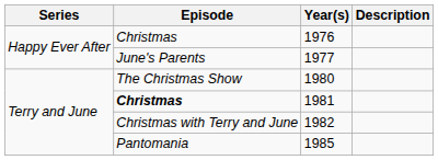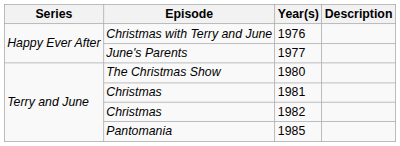 <table class="wikitable sortable">
 <tr>
 <th>Series</th>
 <th>Episode</th>
 <th>Year(s)</th>
 <th>Description</th>
 </tr>
 <tr>
 <td rowspan="2"><em>Happy Ever After</em></td>
-<td><em>Christmas</em></td>
+<td><em>Christmas with Terry and June</em></td>
 <td>1976</td>
 <td></td>
 </tr>
 <tr>
 <td><em>June's Parents</em></td>
 <td>1977</td>
 <td></td>
 </tr>
 <tr>
 <td rowspan="4"><em>Terry and June</em></td>
 <td><em>The Christmas Show</em></td>
 <td>1980</td>
 <td></td>
 </tr>
 <tr>
-<td><strong><em>Christmas</em></strong></td>
+<td><em>Christmas</em></td>
 <td>1981</td>
 <td></td>
 </tr>
 <tr>
-<td><em>Christmas with Terry and June</em></td>
+<td><em>Christmas</em></td>
 <td>1982</td>
 <td></td>
 </tr>
 <tr>
 <td><em>Pantomania</em></td>
 <td>1985</td>
 <td></td>
 </tr>
 </table>
